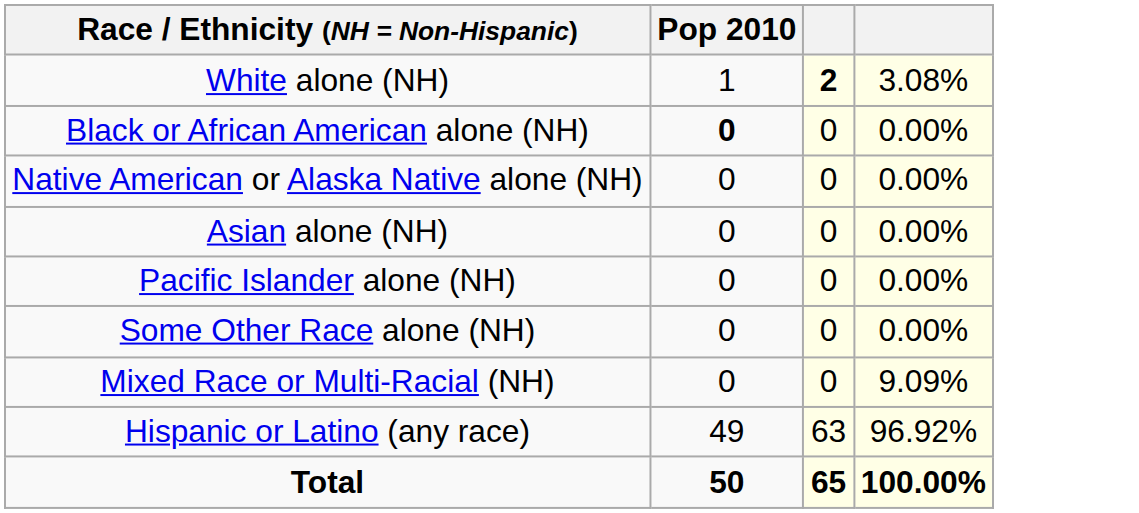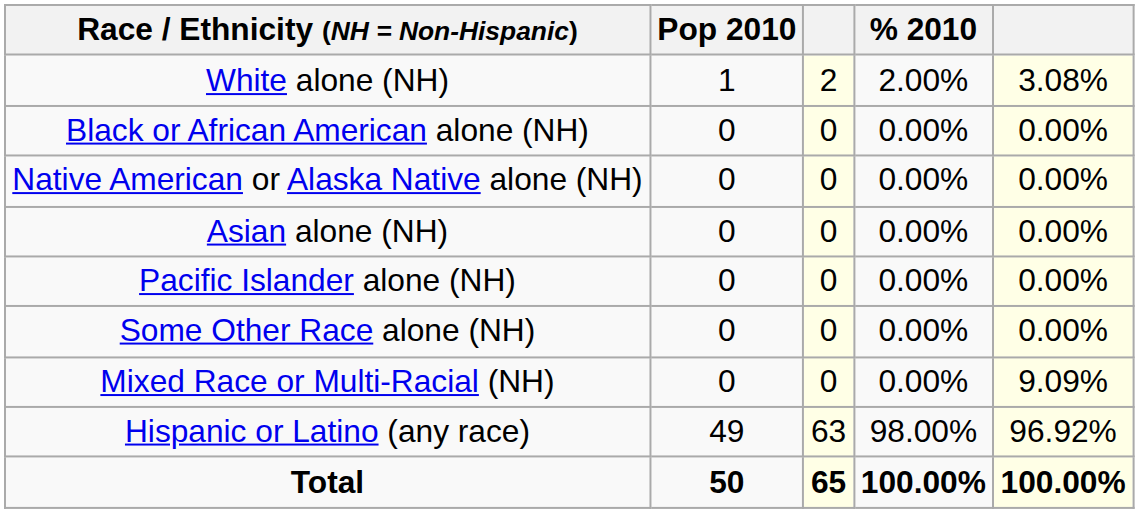 <table class="wikitable" style="text-align:center;">
 <tr>
 <th>Race / Ethnicity <small>(<em>NH = Non-Hispanic</em>)</small></th>
 <th>Pop 2010</th>
 <th></th>
+<th>% 2010</th>
 <th></th>
 </tr>
 <tr>
 <td><a href='#'>White</a> alone (NH)</td>
 <td>1</td>
-<td style='background: #ffffe6;'><strong>2</strong></td>
+<td style='background: #ffffe6;'>2</td>
+<td>2.00%</td>
 <td style='background: #ffffe6;'>3.08%</td>
 </tr>
 <tr>
 <td><a href='#'>Black or African American</a> alone (NH)</td>
-<td><strong>0</strong></td>
+<td>0</td>
 <td style='background: #ffffe6;'>0</td>
+<td>0.00%</td>
 <td style='background: #ffffe6;'>0.00%</td>
 </tr>
 <tr>
 <td><a href='#'>Native American</a> or <a href='#'>Alaska Native</a> alone (NH)</td>
 <td>0</td>
 <td style='background: #ffffe6;'>0</td>
+<td>0.00%</td>
 <td style='background: #ffffe6;'>0.00%</td>
 </tr>
 <tr>
 <td><a href='#'>Asian</a> alone (NH)</td>
 <td>0</td>
 <td style='background: #ffffe6;'>0</td>
+<td>0.00%</td>
 <td style='background: #ffffe6;'>0.00%</td>
 </tr>
 <tr>
 <td><a href='#'>Pacific Islander</a> alone (NH)</td>
 <td>0</td>
 <td style='background: #ffffe6;'>0</td>
+<td>0.00%</td>
 <td style='background: #ffffe6;'>0.00%</td>
 </tr>
 <tr>
 <td><a href='#'>Some Other Race</a> alone (NH)</td>
 <td>0</td>
 <td style='background: #ffffe6;'>0</td>
+<td>0.00%</td>
 <td style='background: #ffffe6;'>0.00%</td>
 </tr>
 <tr>
 <td><a href='#'>Mixed Race or Multi-Racial</a> (NH)</td>
 <td>0</td>
 <td style='background: #ffffe6;'>0</td>
+<td>0.00%</td>
 <td style='background: #ffffe6;'>9.09%</td>
 </tr>
 <tr>
 <td><a href='#'>Hispanic or Latino</a> (any race)</td>
 <td>49</td>
 <td style='background: #ffffe6;'>63</td>
+<td>98.00%</td>
 <td style='background: #ffffe6;'>96.92%</td>
 </tr>
 <tr>
 <td><strong>Total</strong></td>
 <td><strong>50</strong></td>
 <td style='background: #ffffe6;'><strong>65</strong></td>
+<td><strong>100.00%</strong></td>
 <td style='background: #ffffe6;'><strong>100.00%</strong></td>
 </tr>
 </table>
